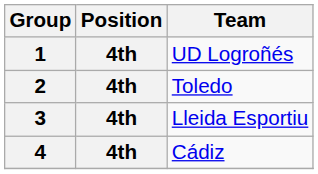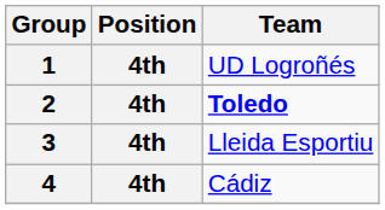 <table class="wikitable">
 <tr>
 <th>Group</th>
 <th>Position</th>
 <th>Team</th>
 </tr>
 <tr>
 <th>1</th>
 <th>4th</th>
 <td><a href='#'>UD Logroñés</a></td>
 </tr>
 <tr>
 <th>2</th>
 <th>4th</th>
-<td><a href='#'>Toledo</a></td>
+<td><strong><a href='#'>Toledo</a></strong></td>
 </tr>
 <tr>
 <th>3</th>
 <th>4th</th>
 <td><a href='#'>Lleida Esportiu</a></td>
 </tr>
 <tr>
 <th>4</th>
 <th>4th</th>
 <td><a href='#'>Cádiz</a></td>
 </tr>
 <tr>
 </tr>
 </table>
